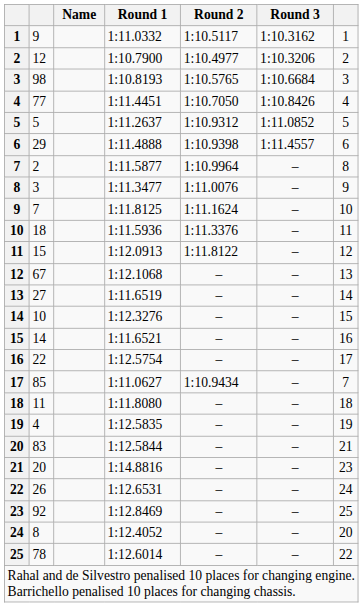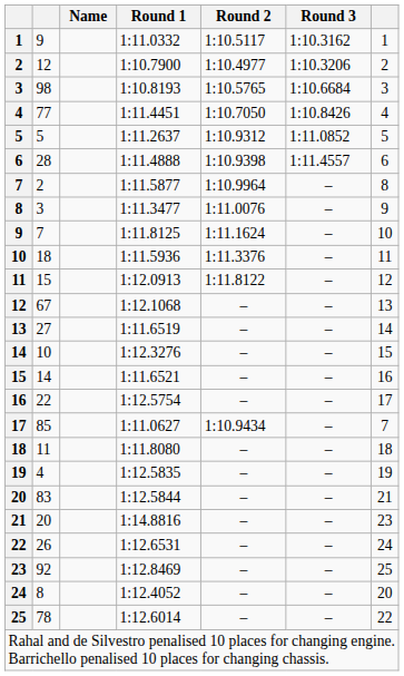 <table class="wikitable sortable">
 <tr>
 <th scope="col"></th>
 <th scope="col"></th>
 <th scope="col">Name</th>
 <th scope="col">Round 1</th>
 <th scope="col">Round 2</th>
 <th scope="col">Round 3</th>
 <th scope="col"></th>
 </tr>
 <tr>
 <th scope="row">1</th>
 <td>9</td>
 <td></td>
 <td>1:11.0332</td>
 <td>1:10.5117</td>
 <td>1:10.3162</td>
 <td align="center">1</td>
 </tr>
 <tr>
 <th scope="row">2</th>
 <td>12</td>
 <td></td>
 <td>1:10.7900</td>
 <td>1:10.4977</td>
 <td>1:10.3206</td>
 <td align="center">2</td>
 </tr>
 <tr>
 <th scope="row">3</th>
 <td>98</td>
 <td></td>
 <td>1:10.8193</td>
 <td>1:10.5765</td>
 <td>1:10.6684</td>
 <td align="center">3</td>
 </tr>
 <tr>
 <th scope="row">4</th>
 <td>77</td>
 <td></td>
 <td>1:11.4451</td>
 <td>1:10.7050</td>
 <td>1:10.8426</td>
 <td align="center">4</td>
 </tr>
 <tr>
 <th scope="row">5</th>
 <td>5</td>
 <td></td>
 <td>1:11.2637</td>
 <td>1:10.9312</td>
 <td>1:11.0852</td>
 <td align="center">5</td>
 </tr>
 <tr>
 <th scope="row">6</th>
-<td>29</td>
+<td>28</td>
 <td></td>
 <td>1:11.4888</td>
 <td>1:10.9398</td>
 <td>1:11.4557</td>
 <td align="center">6</td>
 </tr>
 <tr>
 <th scope="row">7</th>
 <td>2</td>
 <td></td>
 <td>1:11.5877</td>
 <td>1:10.9964</td>
 <td align="center">–</td>
 <td align="center">8</td>
 </tr>
 <tr>
 <th scope="row">8</th>
 <td>3</td>
 <td></td>
 <td>1:11.3477</td>
 <td>1:11.0076</td>
 <td align="center">–</td>
 <td align="center">9</td>
 </tr>
 <tr>
 <th scope="row">9</th>
 <td>7</td>
 <td></td>
 <td>1:11.8125</td>
 <td>1:11.1624</td>
 <td align="center">–</td>
 <td align="center">10</td>
 </tr>
 <tr>
 <th scope="row">10</th>
 <td>18</td>
 <td></td>
 <td>1:11.5936</td>
 <td>1:11.3376</td>
 <td align="center">–</td>
 <td align="center">11</td>
 </tr>
 <tr>
 <th scope="row">11</th>
 <td>15</td>
 <td></td>
 <td>1:12.0913</td>
 <td>1:11.8122</td>
 <td align="center">–</td>
 <td align="center">12</td>
 </tr>
 <tr>
 <th scope="row">12</th>
 <td>67</td>
 <td></td>
 <td>1:12.1068</td>
 <td align="center">–</td>
 <td align="center">–</td>
 <td align="center">13</td>
 </tr>
 <tr>
 <th scope="row">13</th>
 <td>27</td>
 <td></td>
 <td>1:11.6519</td>
 <td align="center">–</td>
 <td align="center">–</td>
 <td align="center">14</td>
 </tr>
 <tr>
 <th scope="row">14</th>
 <td>10</td>
 <td></td>
 <td>1:12.3276</td>
 <td align="center">–</td>
 <td align="center">–</td>
 <td align="center">15</td>
 </tr>
 <tr>
 <th scope="row">15</th>
 <td>14</td>
 <td></td>
 <td>1:11.6521</td>
 <td align="center">–</td>
 <td align="center">–</td>
 <td align="center">16</td>
 </tr>
 <tr>
 <th scope="row">16</th>
 <td>22</td>
 <td></td>
 <td>1:12.5754</td>
 <td align="center">–</td>
 <td align="center">–</td>
 <td align="center">17</td>
 </tr>
 <tr>
 <th scope="row">17</th>
 <td>85</td>
 <td></td>
 <td>1:11.0627</td>
 <td>1:10.9434</td>
 <td align="center">–</td>
 <td align="center">7</td>
 </tr>
 <tr>
 <th scope="row">18</th>
 <td>11</td>
 <td></td>
 <td>1:11.8080</td>
 <td align="center">–</td>
 <td align="center">–</td>
 <td align="center">18</td>
 </tr>
 <tr>
 <th scope="row">19</th>
 <td>4</td>
 <td></td>
 <td>1:12.5835</td>
 <td align="center">–</td>
 <td align="center">–</td>
 <td align="center">19</td>
 </tr>
 <tr>
 <th scope="row">20</th>
 <td>83</td>
 <td></td>
 <td>1:12.5844</td>
 <td align="center">–</td>
 <td align="center">–</td>
 <td align="center">21</td>
 </tr>
 <tr>
 <th scope="row">21</th>
 <td>20</td>
 <td></td>
 <td>1:14.8816</td>
 <td align="center">–</td>
 <td align="center">–</td>
 <td align="center">23</td>
 </tr>
 <tr>
 <th scope="row">22</th>
 <td>26</td>
 <td></td>
 <td>1:12.6531</td>
 <td align="center">–</td>
 <td align="center">–</td>
 <td align="center">24</td>
 </tr>
 <tr>
 <th scope="row">23</th>
 <td>92</td>
 <td></td>
 <td>1:12.8469</td>
 <td align="center">–</td>
 <td align="center">–</td>
 <td align="center">25</td>
 </tr>
 <tr>
 <th scope="row">24</th>
 <td>8</td>
 <td></td>
 <td>1:12.4052</td>
 <td align="center">–</td>
 <td align="center">–</td>
 <td align="center">20</td>
 </tr>
 <tr>
 <th scope="row">25</th>
 <td>78</td>
 <td></td>
 <td>1:12.6014</td>
 <td align="center">–</td>
 <td align="center">–</td>
 <td align="center">22</td>
 </tr>
 <tr class="sortbottom">
 <td colspan="7"> Rahal and de Silvestro penalised 10 places for changing engine.<br> Barrichello penalised 10 places for changing chassis.</td>
 </tr>
 </table>
